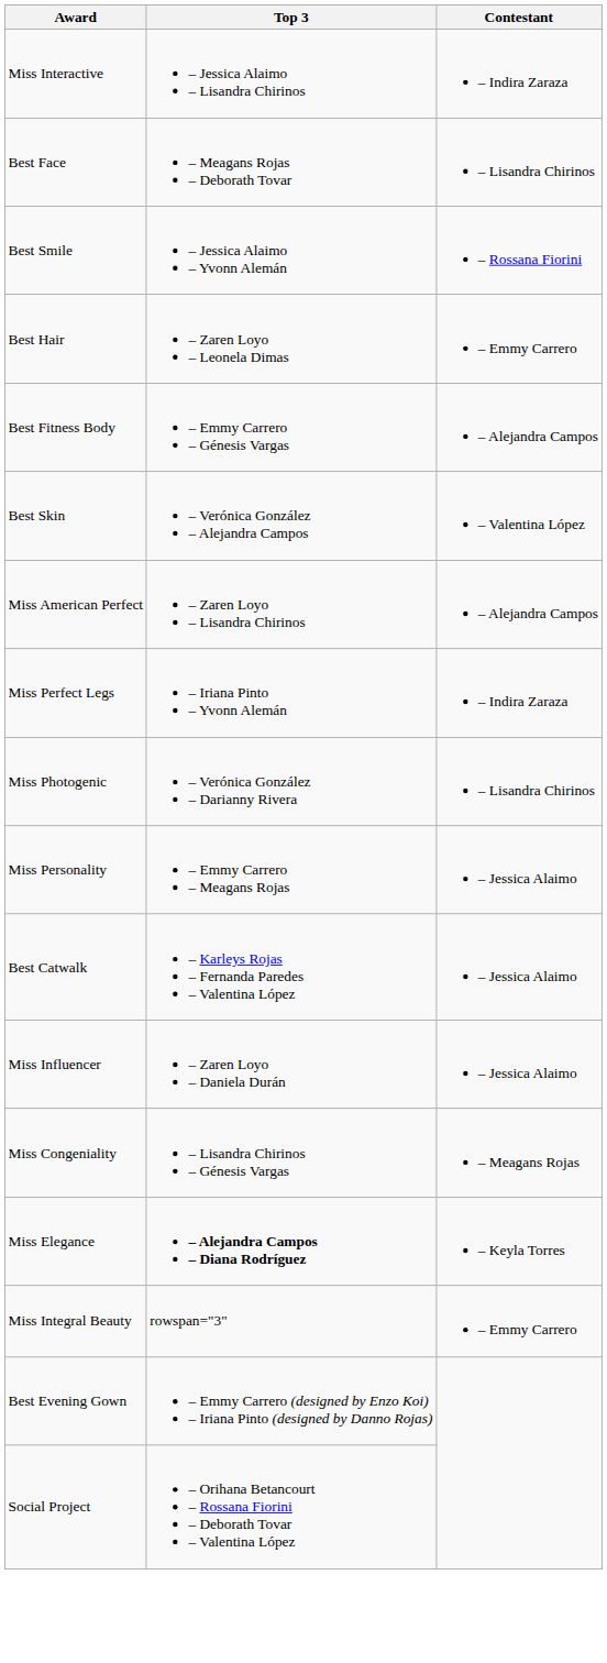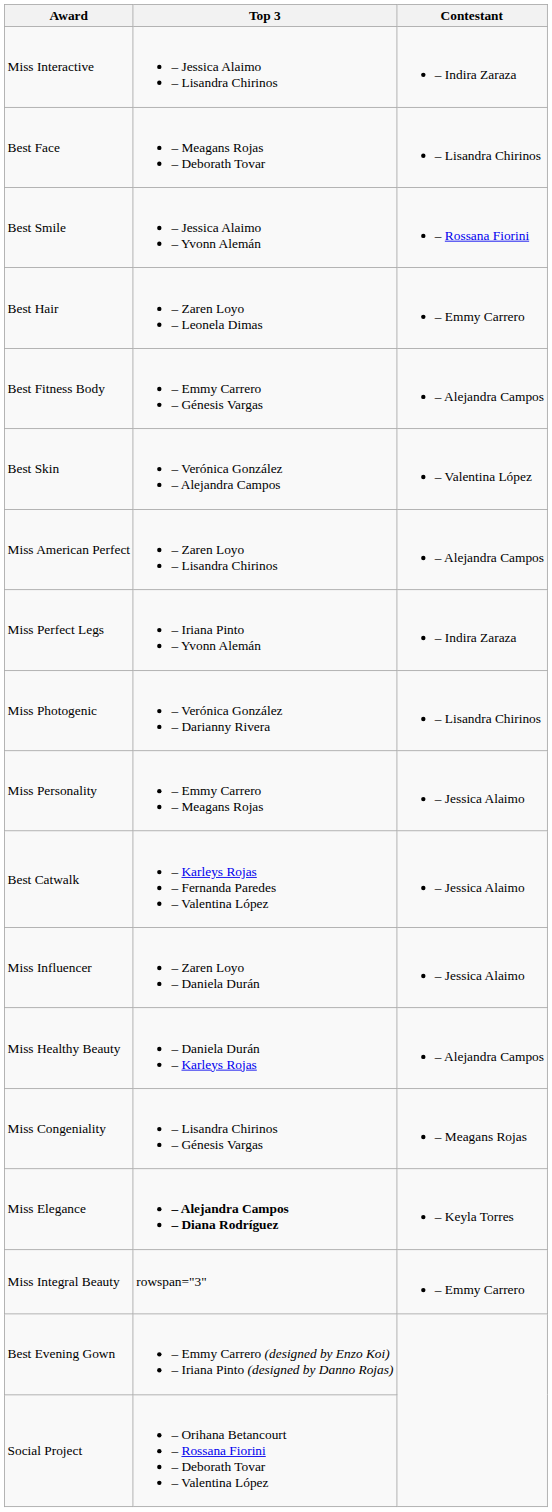 <table class="wikitable sortable" style="font-size: 95%;">
 <tr>
 <th>Award</th>
 <th>Top 3</th>
 <th>Contestant</th>
 </tr>
 <tr>
 <td>Miss Interactive</td>
 <td><br><ul><li> – Jessica Alaimo</li><li> – Lisandra Chirinos</li></ul></td>
 <td><br><ul><li> – Indira Zaraza</li></ul></td>
 </tr>
 <tr>
 <td>Best Face</td>
 <td><br><ul><li> – Meagans Rojas</li><li> – Deborath Tovar</li></ul></td>
 <td><br><ul><li> – Lisandra Chirinos</li></ul></td>
 </tr>
 <tr>
 <td>Best Smile</td>
 <td><br><ul><li> – Jessica Alaimo</li><li> – Yvonn Alemán</li></ul></td>
 <td><br><ul><li> – <a href='#'>Rossana Fiorini</a></li></ul></td>
 </tr>
 <tr>
 <td>Best Hair</td>
 <td><br><ul><li> – Zaren Loyo</li><li> – Leonela Dimas</li></ul></td>
 <td><br><ul><li> – Emmy Carrero</li></ul></td>
 </tr>
 <tr>
 <td>Best Fitness Body</td>
 <td><br><ul><li> – Emmy Carrero</li><li> – Génesis Vargas</li></ul></td>
 <td><br><ul><li> – Alejandra Campos</li></ul></td>
 </tr>
 <tr>
 <td>Best Skin</td>
 <td><br><ul><li> – Verónica González</li><li> – Alejandra Campos</li></ul></td>
 <td><br><ul><li> – Valentina López</li></ul></td>
 </tr>
 <tr>
 <td>Miss American Perfect</td>
 <td><br><ul><li> – Zaren Loyo</li><li> – Lisandra Chirinos</li></ul></td>
 <td><br><ul><li> – Alejandra Campos</li></ul></td>
 </tr>
 <tr>
 <td>Miss Perfect Legs</td>
 <td><br><ul><li> – Iriana Pinto</li><li> – Yvonn Alemán</li></ul></td>
 <td><br><ul><li> – Indira Zaraza</li></ul></td>
 </tr>
 <tr>
 <td>Miss Photogenic</td>
 <td><br><ul><li> – Verónica González</li><li> – Darianny Rivera</li></ul></td>
 <td><br><ul><li> – Lisandra Chirinos</li></ul></td>
 </tr>
 <tr>
 <td>Miss Personality</td>
 <td><br><ul><li> – Emmy Carrero</li><li> – Meagans Rojas</li></ul></td>
 <td><br><ul><li> – Jessica Alaimo</li></ul></td>
 </tr>
 <tr>
 <td>Best Catwalk</td>
 <td><br><ul><li> – <a href='#'>Karleys Rojas</a></li><li> – Fernanda Paredes</li><li> – Valentina López</li></ul></td>
 <td><br><ul><li> – Jessica Alaimo</li></ul></td>
 </tr>
 <tr>
 <td>Miss Influencer</td>
 <td><br><ul><li> – Zaren Loyo</li><li> – Daniela Durán</li></ul></td>
 <td><br><ul><li> – Jessica Alaimo</li></ul></td>
 </tr>
 <tr>
+<td>Miss Healthy Beauty</td>
+<td><br><ul><li> – Daniela Durán</li><li> – <a href='#'>Karleys Rojas</a></li></ul></td>
+<td><br><ul><li> – Alejandra Campos</li></ul></td>
+</tr>
+<tr>
 <td>Miss Congeniality</td>
 <td><br><ul><li> – Lisandra Chirinos</li><li> – Génesis Vargas</li></ul></td>
 <td><br><ul><li> – Meagans Rojas</li></ul></td>
 </tr>
 <tr>
 <td>Miss Elegance</td>
 <td><strong><br><ul><li> – Alejandra Campos</li><li> – Diana Rodríguez</li></ul></strong></td>
 <td><br><ul><li> – Keyla Torres</li></ul></td>
 </tr>
 <tr>
 <td>Miss Integral Beauty</td>
 <td>rowspan="3" </td>
 <td><br><ul><li> – Emmy Carrero</li></ul></td>
 </tr>
 <tr>
 <td>Best Evening Gown</td>
 <td><br><ul><li> – Emmy Carrero <em>(designed by Enzo Koi)</em></li><li> – Iriana Pinto <em>(designed by Danno Rojas)</em></li></ul></td>
 </tr>
 <tr>
 <td>Social Project</td>
 <td><br><ul><li> – Orihana Betancourt</li><li> – <a href='#'>Rossana Fiorini</a></li><li> – Deborath Tovar</li><li> – Valentina López</li></ul></td>
 </tr>
 </table>
